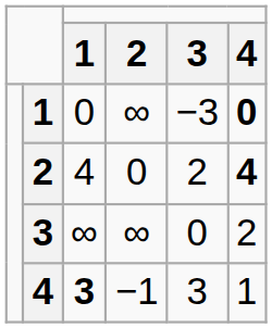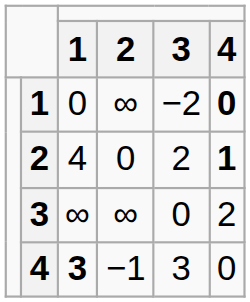 <table class=wikitable style="float:left; margin:10px; text-align:center;">
 <tr>
 <td colspan="2" rowspan="2"></td>
 <td colspan="4"></td>
 </tr>
 <tr>
 <th>1</th>
 <th>2</th>
 <th>3</th>
 <th>4</th>
 </tr>
 <tr>
 <td rowspan="4"></td>
 <th>1</th>
 <td>0</td>
 <td>∞</td>
-<td>−3</td>
+<td>−2</td>
 <td><strong>0</strong></td>
 </tr>
 <tr>
 <th>2</th>
 <td>4</td>
 <td>0</td>
 <td>2</td>
-<td><strong>4</strong></td>
+<td><strong>1</strong></td>
 </tr>
 <tr>
 <th>3</th>
 <td>∞</td>
 <td>∞</td>
 <td>0</td>
 <td>2</td>
 </tr>
 <tr>
 <th>4</th>
 <td><strong>3</strong></td>
 <td>−1</td>
 <td>3</td>
-<td>1</td>
+<td>0</td>
 </tr>
 </table>
